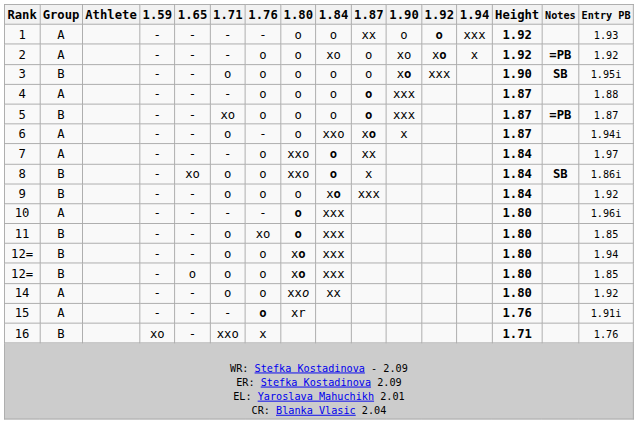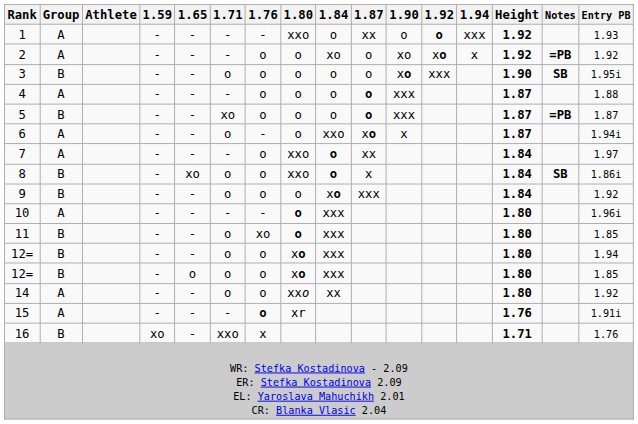 <table class="wikitable sortable" style="text-align:center;">
 <tr>
 <th>Rank</th>
 <th>Group</th>
 <th>Athlete</th>
 <th>1.59</th>
 <th>1.65</th>
 <th>1.71</th>
 <th>1.76</th>
 <th>1.80</th>
 <th>1.84</th>
 <th>1.87</th>
 <th>1.90</th>
 <th>1.92</th>
 <th>1.94</th>
 <th>Height</th>
 <th><small>Notes</small></th>
 <th><small>Entry PB</small></th>
 </tr>
 <tr>
 <td>1</td>
 <td>A</td>
 <td align=left></td>
 <td>-</td>
 <td>-</td>
 <td>-</td>
 <td>-</td>
-<td>o</td>
+<td>xxo</td>
 <td>o</td>
 <td>xx</td>
 <td>o</td>
 <td><strong>o</strong></td>
 <td>xxx</td>
 <td><strong>1.92</strong></td>
 <td></td>
 <td><small>1.93</small></td>
 </tr>
 <tr>
 <td>2</td>
 <td>A</td>
 <td align=left></td>
 <td>-</td>
 <td>-</td>
 <td>-</td>
 <td>o</td>
 <td>o</td>
 <td>xo</td>
 <td>o</td>
 <td>xo</td>
 <td>x<strong>o</strong></td>
 <td>x</td>
 <td><strong>1.92</strong></td>
 <td><strong>=PB</strong></td>
 <td><small>1.92</small></td>
 </tr>
 <tr>
 <td>3</td>
 <td>B</td>
 <td align=left></td>
 <td>-</td>
 <td>-</td>
 <td>o</td>
 <td>o</td>
 <td>o</td>
 <td>o</td>
 <td>o</td>
 <td>x<strong>o</strong></td>
 <td>xxx</td>
 <td></td>
 <td><strong>1.90</strong></td>
 <td><strong>SB</strong></td>
 <td><small>1.95i</small></td>
 </tr>
 <tr>
 <td>4</td>
 <td>A</td>
 <td align=left></td>
 <td>-</td>
 <td>-</td>
 <td>-</td>
 <td>o</td>
 <td>o</td>
 <td>o</td>
 <td><strong>o</strong></td>
 <td>xxx</td>
 <td></td>
 <td></td>
 <td><strong>1.87</strong></td>
 <td></td>
 <td><small>1.88</small></td>
 </tr>
 <tr>
 <td>5</td>
 <td>B</td>
 <td align=left></td>
 <td>-</td>
 <td>-</td>
 <td>xo</td>
 <td>o</td>
 <td>o</td>
 <td>o</td>
 <td><strong>o</strong></td>
 <td>xxx</td>
 <td></td>
 <td></td>
 <td><strong>1.87</strong></td>
 <td><strong>=PB</strong></td>
 <td><small>1.87</small></td>
 </tr>
 <tr>
 <td>6</td>
 <td>A</td>
 <td align=left></td>
 <td>-</td>
 <td>-</td>
 <td>o</td>
 <td>-</td>
 <td>o</td>
 <td>xxo</td>
 <td>x<strong>o</strong></td>
 <td>x</td>
 <td></td>
 <td></td>
 <td><strong>1.87</strong></td>
 <td></td>
 <td><small>1.94i</small></td>
 </tr>
 <tr>
 <td>7</td>
 <td>A</td>
 <td align=left></td>
 <td>-</td>
 <td>-</td>
 <td>-</td>
 <td>o</td>
 <td>xxo</td>
 <td><strong>o</strong></td>
 <td>xx</td>
 <td></td>
 <td></td>
 <td></td>
 <td><strong>1.84</strong></td>
 <td></td>
 <td><small>1.97</small></td>
 </tr>
 <tr>
 <td>8</td>
 <td>B</td>
 <td align=left></td>
 <td>-</td>
 <td>xo</td>
 <td>o</td>
 <td>o</td>
 <td>xxo</td>
 <td><strong>o</strong></td>
 <td>x</td>
 <td></td>
 <td></td>
 <td></td>
 <td><strong>1.84</strong></td>
 <td><strong>SB</strong></td>
 <td><small>1.86i</small></td>
 </tr>
 <tr>
 <td>9</td>
 <td>B</td>
 <td align=left></td>
 <td>-</td>
 <td>-</td>
 <td>o</td>
 <td>o</td>
 <td>o</td>
 <td>x<strong>o</strong></td>
 <td>xxx</td>
 <td></td>
 <td></td>
 <td></td>
 <td><strong>1.84</strong></td>
 <td></td>
 <td><small>1.92</small></td>
 </tr>
 <tr>
 <td>10</td>
 <td>A</td>
 <td align=left></td>
 <td>-</td>
 <td>-</td>
 <td>-</td>
 <td>-</td>
 <td><strong>o</strong></td>
 <td>xxx</td>
 <td></td>
 <td></td>
 <td></td>
 <td></td>
 <td><strong>1.80</strong></td>
 <td></td>
 <td><small>1.96i</small></td>
 </tr>
 <tr>
 <td>11</td>
 <td>B</td>
 <td align=left></td>
 <td>-</td>
 <td>-</td>
 <td>o</td>
 <td>xo</td>
 <td><strong>o</strong></td>
 <td>xxx</td>
 <td></td>
 <td></td>
 <td></td>
 <td></td>
 <td><strong>1.80</strong></td>
 <td></td>
 <td><small>1.85</small></td>
 </tr>
 <tr>
 <td>12=</td>
 <td>B</td>
 <td align=left></td>
 <td>-</td>
 <td>-</td>
 <td>o</td>
 <td>o</td>
 <td>x<strong>o</strong></td>
 <td>xxx</td>
 <td></td>
 <td></td>
 <td></td>
 <td></td>
 <td><strong>1.80</strong></td>
 <td></td>
 <td><small>1.94</small></td>
 </tr>
 <tr>
 <td>12=</td>
 <td>B</td>
 <td align=left></td>
 <td>-</td>
 <td>o</td>
 <td>o</td>
 <td>o</td>
 <td>x<strong>o</strong></td>
 <td>xxx</td>
 <td></td>
 <td></td>
 <td></td>
 <td></td>
 <td><strong>1.80</strong></td>
 <td></td>
 <td><small>1.85</small></td>
 </tr>
 <tr>
 <td>14</td>
 <td>A</td>
 <td align=left></td>
 <td>-</td>
 <td>-</td>
 <td>o</td>
 <td>o</td>
 <td>xx<em>o</em></td>
 <td>xx</td>
 <td></td>
 <td></td>
 <td></td>
 <td></td>
 <td><strong>1.80</strong></td>
 <td></td>
 <td><small>1.92</small></td>
 </tr>
 <tr>
 <td>15</td>
 <td>A</td>
 <td align=left></td>
 <td>-</td>
 <td>-</td>
 <td>-</td>
 <td><strong>o</strong></td>
 <td>xr</td>
 <td></td>
 <td></td>
 <td></td>
 <td></td>
 <td></td>
 <td><strong>1.76</strong></td>
 <td></td>
 <td><small>1.91i</small></td>
 </tr>
 <tr>
 <td>16</td>
 <td>B</td>
 <td align=left></td>
 <td>xo</td>
 <td>-</td>
 <td>xxo</td>
 <td>x</td>
 <td></td>
 <td></td>
 <td></td>
 <td></td>
 <td></td>
 <td></td>
 <td><strong>1.71</strong></td>
 <td></td>
 <td><small>1.76</small></td>
 </tr>
 <tr class="sortbottom">
 <td colspan="16" bgcolor="#cccccc"><br> <small>WR:   <a href='#'>Stefka Kostadinova</a> - 2.09<br>ER:  <a href='#'>Stefka Kostadinova</a> 2.09<br></small> <small>EL:   <a href='#'>Yaroslava Mahuchikh</a> 2.01<br>CR:  <a href='#'>Blanka Vlasic</a> 2.04</small></td>
 </tr>
 </table>
